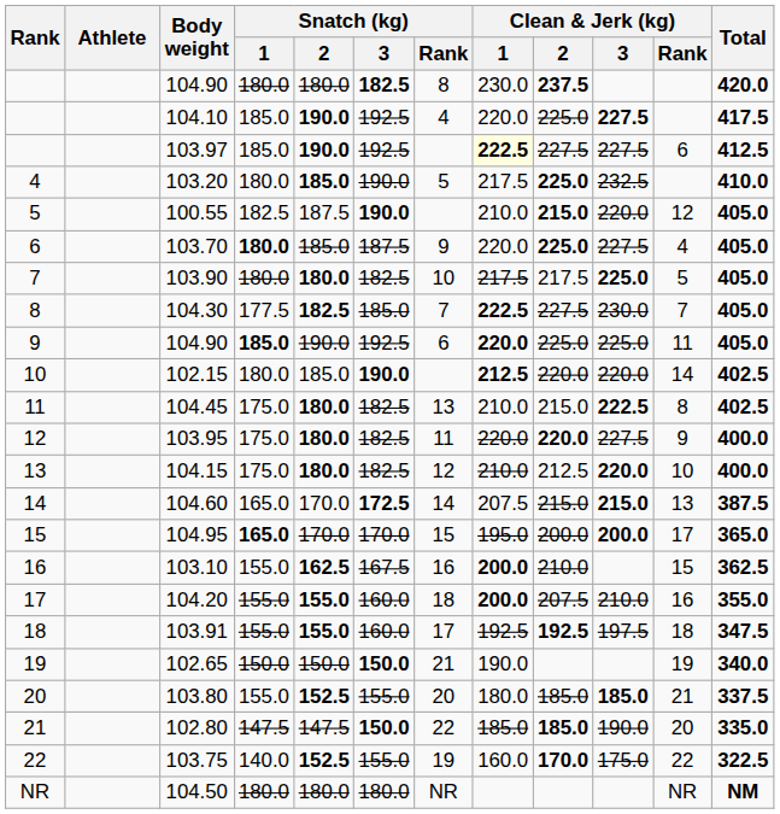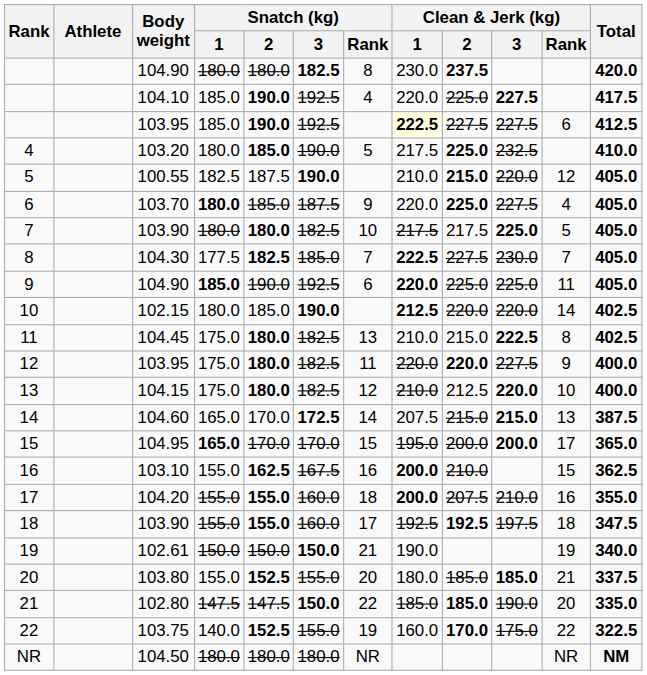 <table class = "wikitable" style="text-align:center;">
 <tr>
 <th rowspan=2 width=40>Rank</th>
 <th rowspan=2 width=250>Athlete</th>
 <th rowspan=2 width=60>Body weight</th>
 <th colspan=4>Snatch (kg)</th>
 <th colspan=4>Clean & Jerk (kg)</th>
 <th rowspan=2 width=60>Total</th>
 </tr>
 <tr>
 <th width=40>1</th>
 <th width=40>2</th>
 <th width=40>3</th>
 <th width=40>Rank</th>
 <th width=40>1</th>
 <th width=40>2</th>
 <th width=40>3</th>
 <th width=40>Rank</th>
 </tr>
 <tr>
 <td></td>
 <td align=left></td>
 <td>104.90</td>
 <td><s>180.0</s></td>
 <td><s>180.0</s></td>
 <td><strong>182.5</strong></td>
 <td>8</td>
 <td>230.0</td>
 <td><strong>237.5</strong></td>
 <td></td>
 <td></td>
 <td><strong>420.0</strong></td>
 </tr>
 <tr>
 <td></td>
 <td align=left></td>
 <td>104.10</td>
 <td>185.0</td>
 <td><strong>190.0</strong></td>
 <td><s>192.5</s></td>
 <td>4</td>
 <td>220.0</td>
 <td><s>225.0</s></td>
 <td><strong>227.5</strong></td>
 <td></td>
 <td><strong>417.5</strong></td>
 </tr>
 <tr>
 <td></td>
 <td align=left></td>
-<td>103.97</td>
+<td>103.95</td>
 <td>185.0</td>
 <td><strong>190.0</strong></td>
 <td><s>192.5</s></td>
 <td></td>
 <td style="background: lightyellow;"><strong>222.5</strong></td>
 <td><s>227.5</s></td>
 <td><s>227.5</s></td>
 <td>6</td>
 <td><strong>412.5</strong></td>
 </tr>
 <tr>
 <td>4</td>
 <td align=left></td>
 <td>103.20</td>
 <td>180.0</td>
 <td><strong>185.0</strong></td>
 <td><s>190.0</s></td>
 <td>5</td>
 <td>217.5</td>
 <td><strong>225.0</strong></td>
 <td><s>232.5</s></td>
 <td></td>
 <td><strong>410.0</strong></td>
 </tr>
 <tr>
 <td>5</td>
 <td align=left></td>
 <td>100.55</td>
 <td>182.5</td>
 <td>187.5</td>
 <td><strong>190.0</strong></td>
 <td></td>
 <td>210.0</td>
 <td><strong>215.0</strong></td>
 <td><s>220.0</s></td>
 <td>12</td>
 <td><strong>405.0</strong></td>
 </tr>
 <tr>
 <td>6</td>
 <td align=left></td>
 <td>103.70</td>
 <td><strong>180.0</strong></td>
 <td><s>185.0</s></td>
 <td><s>187.5</s></td>
 <td>9</td>
 <td>220.0</td>
 <td><strong>225.0</strong></td>
 <td><s>227.5</s></td>
 <td>4</td>
 <td><strong>405.0</strong></td>
 </tr>
 <tr>
 <td>7</td>
 <td align=left></td>
 <td>103.90</td>
 <td><s>180.0</s></td>
 <td><strong>180.0</strong></td>
 <td><s>182.5</s></td>
 <td>10</td>
 <td><s>217.5</s></td>
 <td>217.5</td>
 <td><strong>225.0</strong></td>
 <td>5</td>
 <td><strong>405.0</strong></td>
 </tr>
 <tr>
 <td>8</td>
 <td align=left></td>
 <td>104.30</td>
 <td>177.5</td>
 <td><strong>182.5</strong></td>
 <td><s>185.0</s></td>
 <td>7</td>
 <td><strong>222.5</strong></td>
 <td><s>227.5</s></td>
 <td><s>230.0</s></td>
 <td>7</td>
 <td><strong>405.0</strong></td>
 </tr>
 <tr>
 <td>9</td>
 <td align=left></td>
 <td>104.90</td>
 <td><strong>185.0</strong></td>
 <td><s>190.0</s></td>
 <td><s>192.5</s></td>
 <td>6</td>
 <td><strong>220.0</strong></td>
 <td><s>225.0</s></td>
 <td><s>225.0</s></td>
 <td>11</td>
 <td><strong>405.0</strong></td>
 </tr>
 <tr>
 <td>10</td>
 <td align=left></td>
 <td>102.15</td>
 <td>180.0</td>
 <td>185.0</td>
 <td><strong>190.0</strong></td>
 <td></td>
 <td><strong>212.5</strong></td>
 <td><s>220.0</s></td>
 <td><s>220.0</s></td>
 <td>14</td>
 <td><strong>402.5</strong></td>
 </tr>
 <tr>
 <td>11</td>
 <td align=left></td>
 <td>104.45</td>
 <td>175.0</td>
 <td><strong>180.0</strong></td>
 <td><s>182.5</s></td>
 <td>13</td>
 <td>210.0</td>
 <td>215.0</td>
 <td><strong>222.5</strong></td>
 <td>8</td>
 <td><strong>402.5</strong></td>
 </tr>
 <tr>
 <td>12</td>
 <td align=left></td>
 <td>103.95</td>
 <td>175.0</td>
 <td><strong>180.0</strong></td>
 <td><s>182.5</s></td>
 <td>11</td>
 <td><s>220.0</s></td>
 <td><strong>220.0</strong></td>
 <td><s>227.5</s></td>
 <td>9</td>
 <td><strong>400.0</strong></td>
 </tr>
 <tr>
 <td>13</td>
 <td align=left></td>
 <td>104.15</td>
 <td>175.0</td>
 <td><strong>180.0</strong></td>
 <td><s>182.5</s></td>
 <td>12</td>
 <td><s>210.0</s></td>
 <td>212.5</td>
 <td><strong>220.0</strong></td>
 <td>10</td>
 <td><strong>400.0</strong></td>
 </tr>
 <tr>
 <td>14</td>
 <td align=left></td>
 <td>104.60</td>
 <td>165.0</td>
 <td>170.0</td>
 <td><strong>172.5</strong></td>
 <td>14</td>
 <td>207.5</td>
 <td><s>215.0</s></td>
 <td><strong>215.0</strong></td>
 <td>13</td>
 <td><strong>387.5</strong></td>
 </tr>
 <tr>
 <td>15</td>
 <td align=left></td>
 <td>104.95</td>
 <td><strong>165.0</strong></td>
 <td><s>170.0</s></td>
 <td><s>170.0</s></td>
 <td>15</td>
 <td><s>195.0</s></td>
 <td><s>200.0</s></td>
 <td><strong>200.0</strong></td>
 <td>17</td>
 <td><strong>365.0</strong></td>
 </tr>
 <tr>
 <td>16</td>
 <td align=left></td>
 <td>103.10</td>
 <td>155.0</td>
 <td><strong>162.5</strong></td>
 <td><s>167.5</s></td>
 <td>16</td>
 <td><strong>200.0</strong></td>
 <td><s>210.0</s></td>
 <td></td>
 <td>15</td>
 <td><strong>362.5</strong></td>
 </tr>
 <tr>
 <td>17</td>
 <td align=left></td>
 <td>104.20</td>
 <td><s>155.0</s></td>
 <td><strong>155.0</strong></td>
 <td><s>160.0</s></td>
 <td>18</td>
 <td><strong>200.0</strong></td>
 <td><s>207.5</s></td>
 <td><s>210.0</s></td>
 <td>16</td>
 <td><strong>355.0</strong></td>
 </tr>
 <tr>
 <td>18</td>
 <td align=left></td>
-<td>103.91</td>
+<td>103.90</td>
 <td><s>155.0</s></td>
 <td><strong>155.0</strong></td>
 <td><s>160.0</s></td>
 <td>17</td>
 <td><s>192.5</s></td>
 <td><strong>192.5</strong></td>
 <td><s>197.5</s></td>
 <td>18</td>
 <td><strong>347.5</strong></td>
 </tr>
 <tr>
 <td>19</td>
 <td align=left></td>
-<td>102.65</td>
+<td>102.61</td>
 <td><s>150.0</s></td>
 <td><s>150.0</s></td>
 <td><strong>150.0</strong></td>
 <td>21</td>
 <td>190.0</td>
 <td></td>
 <td></td>
 <td>19</td>
 <td><strong>340.0</strong></td>
 </tr>
 <tr>
 <td>20</td>
 <td align=left></td>
 <td>103.80</td>
 <td>155.0</td>
 <td><strong>152.5</strong></td>
 <td><s>155.0</s></td>
 <td>20</td>
 <td>180.0</td>
 <td><s>185.0</s></td>
 <td><strong>185.0</strong></td>
 <td>21</td>
 <td><strong>337.5</strong></td>
 </tr>
 <tr>
 <td>21</td>
 <td align=left></td>
 <td>102.80</td>
 <td><s>147.5</s></td>
 <td><s>147.5</s></td>
 <td><strong>150.0</strong></td>
 <td>22</td>
 <td><s>185.0</s></td>
 <td><strong>185.0</strong></td>
 <td><s>190.0</s></td>
 <td>20</td>
 <td><strong>335.0</strong></td>
 </tr>
 <tr>
 <td>22</td>
 <td align=left></td>
 <td>103.75</td>
 <td>140.0</td>
 <td><strong>152.5</strong></td>
 <td><s>155.0</s></td>
 <td>19</td>
 <td>160.0</td>
 <td><strong>170.0</strong></td>
 <td><s>175.0</s></td>
 <td>22</td>
 <td><strong>322.5</strong></td>
 </tr>
 <tr>
 <td>NR</td>
 <td align=left></td>
 <td>104.50</td>
 <td><s>180.0</s></td>
 <td><s>180.0</s></td>
 <td><s>180.0</s></td>
 <td>NR</td>
 <td></td>
 <td></td>
 <td></td>
 <td>NR</td>
 <td><strong>NM</strong></td>
 </tr>
 </table>
